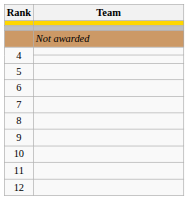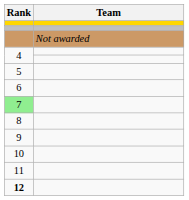 <table class="wikitable">
 <tr>
 <th>Rank</th>
 <th style="width:14em">Team</th>
 </tr>
 <tr style="background:gold;">
 <td align=center></td>
 <td></td>
 </tr>
 <tr style="background:silver;">
 <td align=center></td>
 <td></td>
 </tr>
 <tr style="background:#c96;">
 <td align=center></td>
 <td><em>Not awarded</em></td>
 </tr>
 <tr>
 <td rowspan="2" align=center>4</td>
 <td></td>
 </tr>
 <tr>
 <td></td>
 </tr>
 <tr>
 <td align=center>5</td>
 <td></td>
 </tr>
 <tr>
 <td align=center>6</td>
 <td></td>
 </tr>
 <tr>
-<td align=center>7</td>
+<td align=center style="background: lightgreen;">7</td>
 <td></td>
 </tr>
 <tr>
 <td align=center>8</td>
 <td></td>
 </tr>
 <tr>
 <td align=center>9</td>
 <td></td>
 </tr>
 <tr>
 <td align=center>10</td>
 <td></td>
 </tr>
 <tr>
 <td align=center>11</td>
 <td></td>
 </tr>
 <tr>
-<td align=center>12</td>
+<td align=center><strong>12</strong></td>
 <td></td>
 </tr>
 </table>
